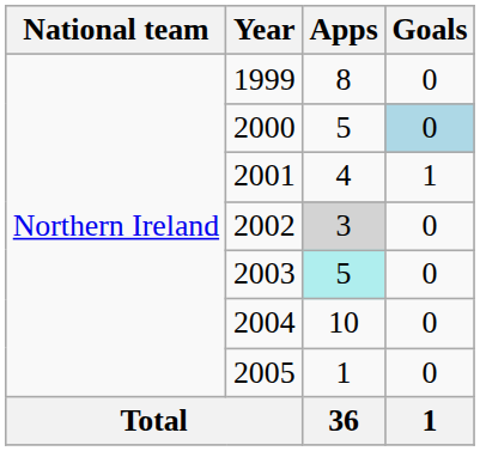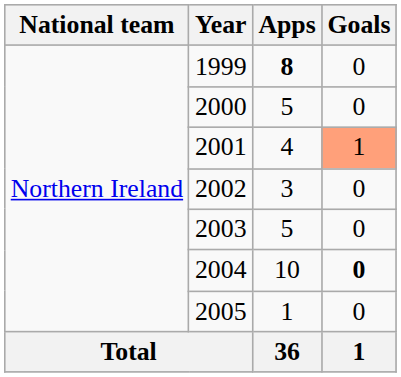 <table class="wikitable" style="text-align:center">
 <tr>
 <th>National team</th>
 <th>Year</th>
 <th>Apps</th>
 <th>Goals</th>
 </tr>
 <tr>
 <td rowspan="7"><a href='#'>Northern Ireland</a></td>
 <td>1999</td>
-<td>8</td>
+<td><strong>8</strong></td>
 <td>0</td>
 </tr>
 <tr>
 <td>2000</td>
 <td>5</td>
-<td style="background: lightblue;">0</td>
+<td>0</td>
 </tr>
 <tr>
 <td>2001</td>
 <td>4</td>
-<td>1</td>
+<td style="background: lightsalmon;">1</td>
 </tr>
 <tr>
 <td>2002</td>
-<td style="background: lightgrey;">3</td>
+<td>3</td>
 <td>0</td>
 </tr>
 <tr>
 <td>2003</td>
-<td style="background: paleturquoise;">5</td>
+<td>5</td>
 <td>0</td>
 </tr>
 <tr>
 <td>2004</td>
 <td>10</td>
-<td>0</td>
+<td><strong>0</strong></td>
 </tr>
 <tr>
 <td>2005</td>
 <td>1</td>
 <td>0</td>
 </tr>
 <tr>
 <th colspan="2">Total</th>
 <th>36</th>
 <th>1</th>
 </tr>
 </table>
